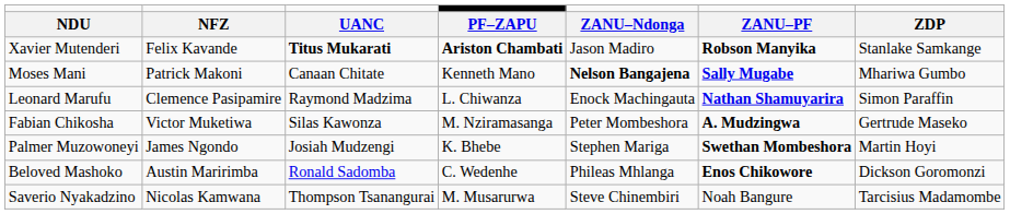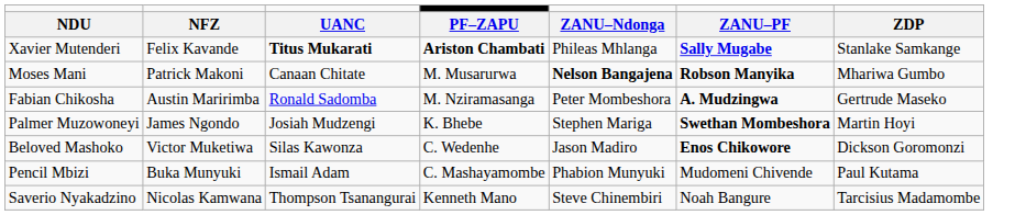 <table class="wikitable">
 <tr>
 <td></td>
 <td></td>
 <td style="background-color: "></td>
 <td style="background-color:#000000"></td>
 <td></td>
 <td style="background-color: "></td>
 <td></td>
 </tr>
 <tr>
 <th>NDU</th>
 <th>NFZ</th>
 <th><a href='#'>UANC</a></th>
 <th><a href='#'>PF–ZAPU</a></th>
 <th><a href='#'>ZANU–Ndonga</a></th>
 <th><a href='#'>ZANU–PF</a></th>
 <th>ZDP</th>
 </tr>
 <tr>
 <td>Xavier Mutenderi</td>
 <td>Felix Kavande</td>
 <td><strong>Titus Mukarati</strong></td>
 <td><strong>Ariston Chambati</strong></td>
-<td>Jason Madiro</td>
-<td><strong>Robson Manyika</strong></td>
+<td>Phileas Mhlanga</td>
+<td><strong><a href='#'>Sally Mugabe</a></strong></td>
 <td>Stanlake Samkange</td>
 </tr>
 <tr>
 <td>Moses Mani</td>
 <td>Patrick Makoni</td>
 <td>Canaan Chitate</td>
-<td>Kenneth Mano</td>
+<td>M. Musarurwa</td>
 <td><strong>Nelson Bangajena</strong></td>
-<td><strong><a href='#'>Sally Mugabe</a></strong></td>
+<td><strong>Robson Manyika</strong></td>
 <td>Mhariwa Gumbo</td>
 </tr>
 <tr>
-<td>Leonard Marufu</td>
-<td>Clemence Pasipamire</td>
-<td>Raymond Madzima</td>
-<td>L. Chiwanza</td>
-<td>Enock Machingauta</td>
-<td><strong><a href='#'>Nathan Shamuyarira</a></strong></td>
-<td>Simon Paraffin</td>
-</tr>
-<tr>
 <td>Fabian Chikosha</td>
-<td>Victor Muketiwa</td>
-<td>Silas Kawonza</td>
+<td>Austin Maririmba</td>
+<td><a href='#'>Ronald Sadomba</a></td>
 <td>M. Nziramasanga</td>
 <td>Peter Mombeshora</td>
 <td><strong>A. Mudzingwa</strong></td>
 <td>Gertrude Maseko</td>
 </tr>
 <tr>
 <td>Palmer Muzowoneyi</td>
 <td>James Ngondo</td>
 <td>Josiah Mudzengi</td>
 <td>K. Bhebe</td>
 <td>Stephen Mariga</td>
 <td><strong>Swethan Mombeshora</strong></td>
 <td>Martin Hoyi</td>
 </tr>
 <tr>
 <td>Beloved Mashoko</td>
-<td>Austin Maririmba</td>
-<td><a href='#'>Ronald Sadomba</a></td>
+<td>Victor Muketiwa</td>
+<td>Silas Kawonza</td>
 <td>C. Wedenhe</td>
-<td>Phileas Mhlanga</td>
+<td>Jason Madiro</td>
 <td><strong>Enos Chikowore</strong></td>
 <td>Dickson Goromonzi</td>
+</tr>
+<tr>
+<td>Pencil Mbizi</td>
+<td>Buka Munyuki</td>
+<td>Ismail Adam</td>
+<td>C. Mashayamombe</td>
+<td>Phabion Munyuki</td>
+<td>Mudomeni Chivende</td>
+<td>Paul Kutama</td>
 </tr>
 <tr>
 <td>Saverio Nyakadzino</td>
 <td>Nicolas Kamwana</td>
 <td>Thompson Tsanangurai</td>
-<td>M. Musarurwa</td>
+<td>Kenneth Mano</td>
 <td>Steve Chinembiri</td>
 <td>Noah Bangure</td>
 <td>Tarcisius Madamombe</td>
 </tr>
 </table>
